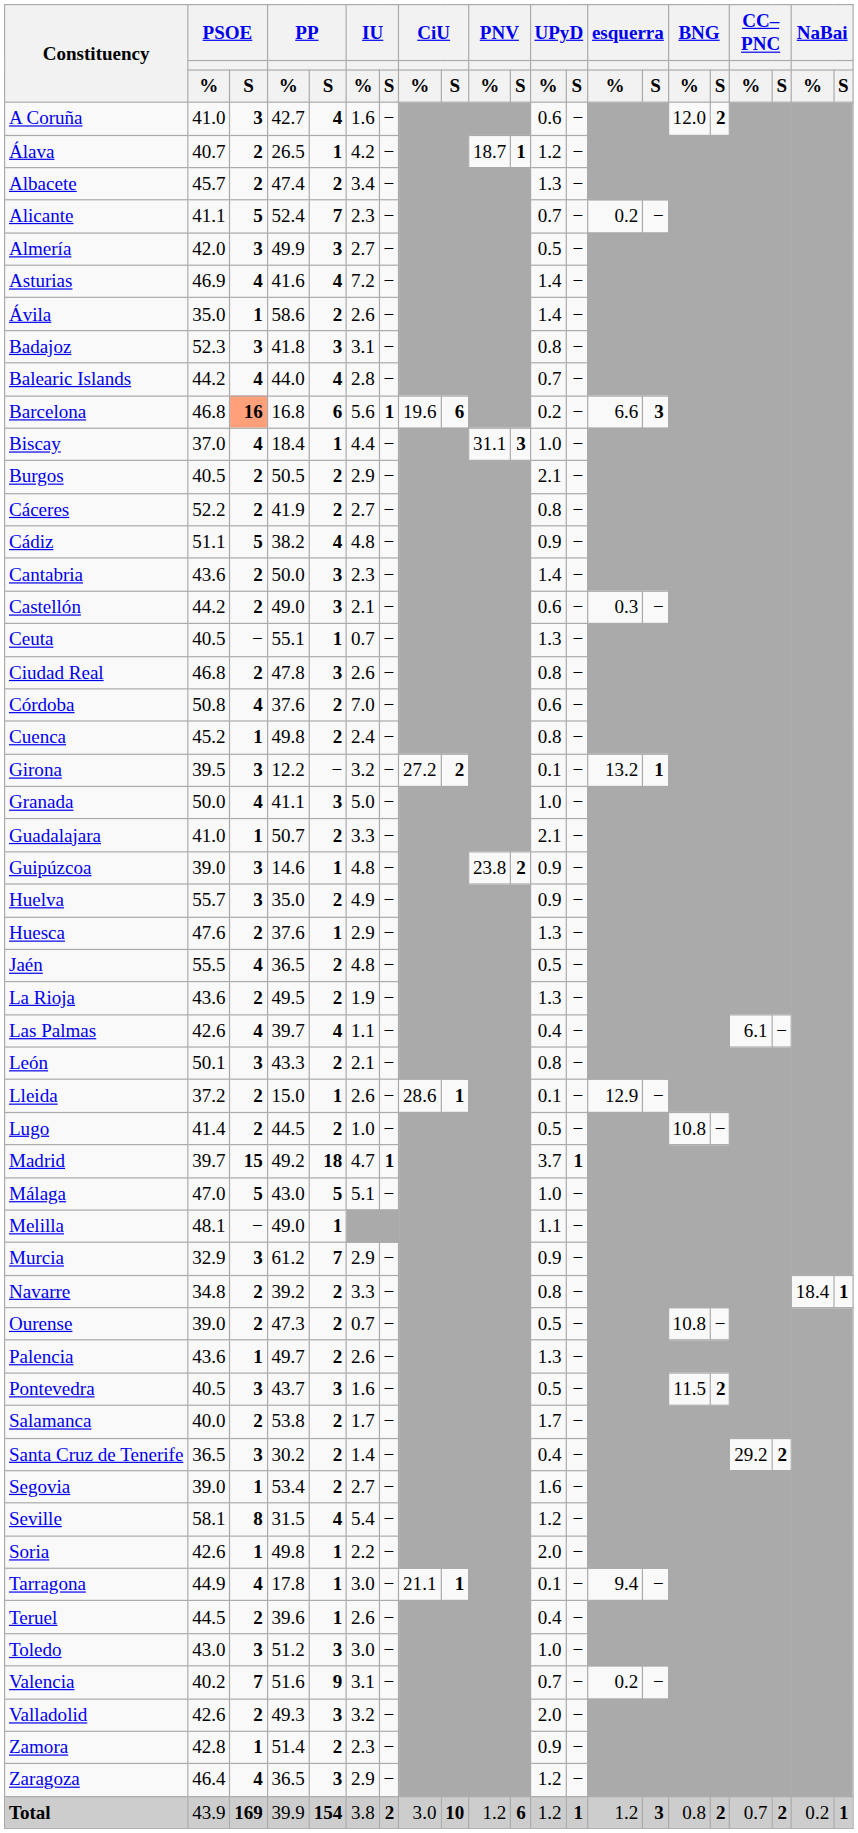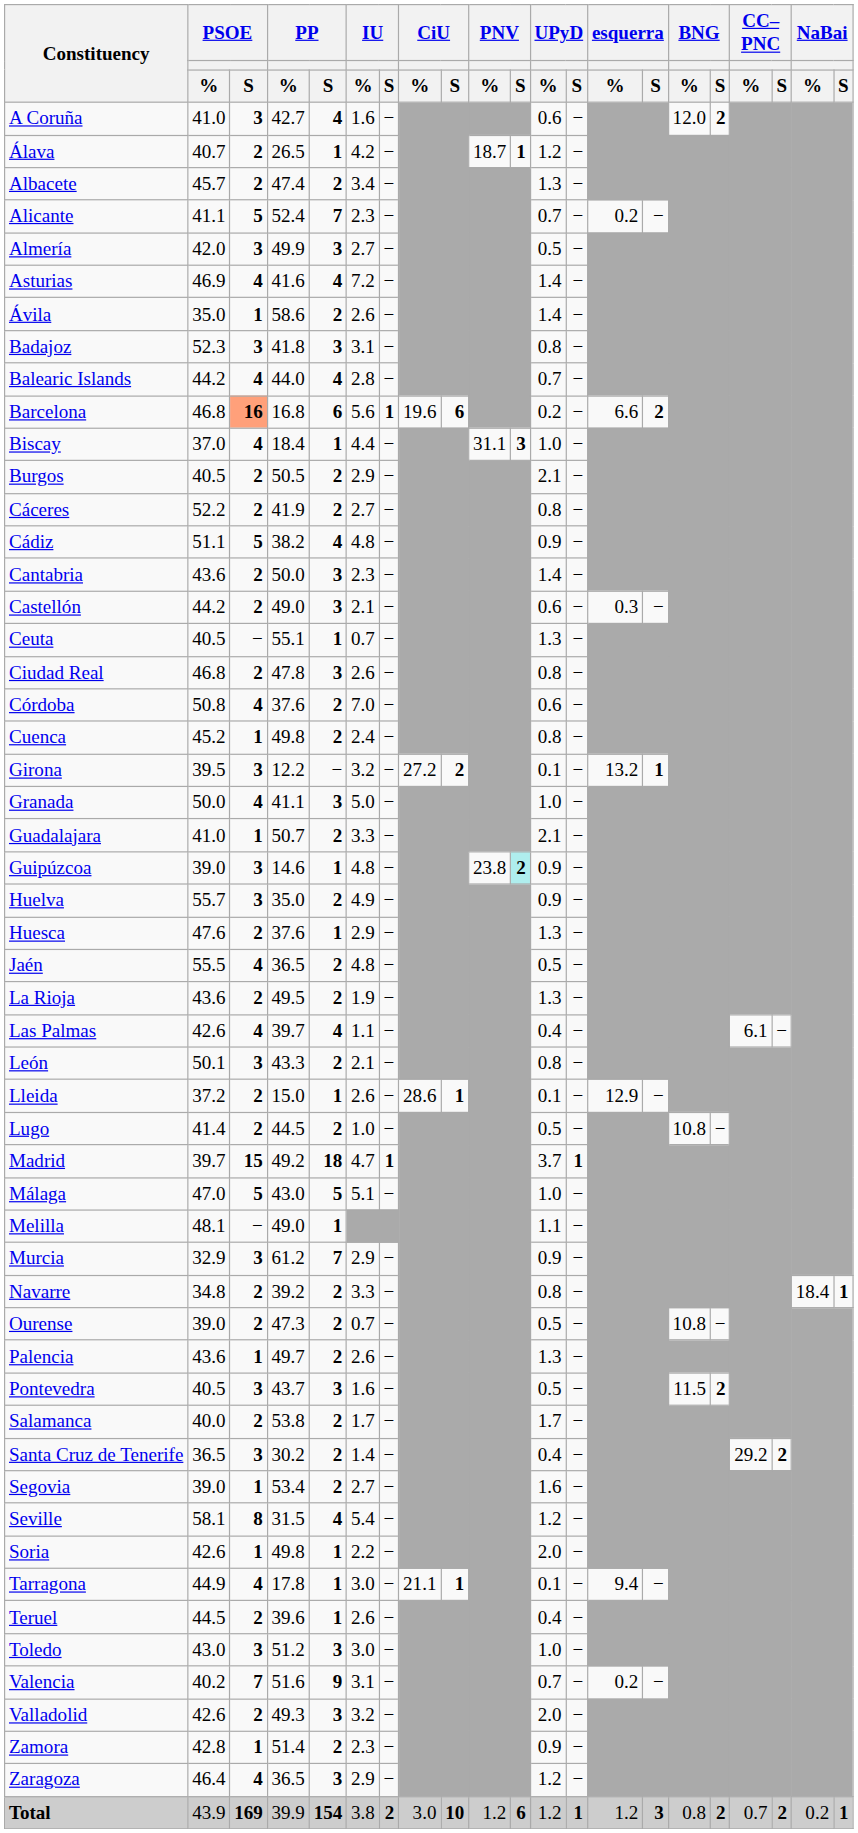 <table class="wikitable sortable" style="text-align:right; line-height:20px;">
 <tr>
 <th rowspan="3">Constituency</th>
 <th colspan="2" width="30px" class="unsortable"><a href='#'>PSOE</a></th>
 <th colspan="2" width="30px" class="unsortable"><a href='#'>PP</a></th>
 <th colspan="2" width="30px" class="unsortable"><a href='#'>IU</a></th>
 <th colspan="2" width="30px" class="unsortable"><a href='#'>CiU</a></th>
 <th colspan="2" width="30px" class="unsortable"><a href='#'>PNV</a></th>
 <th colspan="2" width="30px" class="unsortable"><a href='#'>UPyD</a></th>
 <th colspan="2" width="30px" class="unsortable"><a href='#'>esquerra</a></th>
 <th colspan="2" width="30px" class="unsortable"><a href='#'>BNG</a></th>
 <th colspan="2" width="30px" class="unsortable"><a href='#'>CC–PNC</a></th>
 <th colspan="2" width="30px" class="unsortable"><a href='#'>NaBai</a></th>
 </tr>
 <tr>
 <th colspan="2" style="background:"></th>
 <th colspan="2" style="background:"></th>
 <th colspan="2" style="background:"></th>
 <th colspan="2" style="background:"></th>
 <th colspan="2" style="background:"></th>
 <th colspan="2" style="background:"></th>
 <th colspan="2" style="background:"></th>
 <th colspan="2" style="background:"></th>
 <th colspan="2" style="background:"></th>
 <th colspan="2" style="background:"></th>
 </tr>
 <tr>
 <th data-sort-type="number">%</th>
 <th data-sort-type="number">S</th>
 <th data-sort-type="number">%</th>
 <th data-sort-type="number">S</th>
 <th data-sort-type="number">%</th>
 <th data-sort-type="number">S</th>
 <th data-sort-type="number">%</th>
 <th data-sort-type="number">S</th>
 <th data-sort-type="number">%</th>
 <th data-sort-type="number">S</th>
 <th data-sort-type="number">%</th>
 <th data-sort-type="number">S</th>
 <th data-sort-type="number">%</th>
 <th data-sort-type="number">S</th>
 <th data-sort-type="number">%</th>
 <th data-sort-type="number">S</th>
 <th data-sort-type="number">%</th>
 <th data-sort-type="number">S</th>
 <th data-sort-type="number">%</th>
 <th data-sort-type="number">S</th>
 </tr>
 <tr>
 <td align="left"><a href='#'>A Coruña</a></td>
 <td>41.0</td>
 <td><strong>3</strong></td>
 <td style="background:">42.7</td>
 <td><strong>4</strong></td>
 <td>1.6</td>
 <td>−</td>
 <td colspan="2" rowspan="9" bgcolor="#AAAAAA"></td>
 <td colspan="2" bgcolor="#AAAAAA"></td>
 <td>0.6</td>
 <td>−</td>
 <td colspan="2" rowspan="3" bgcolor="#AAAAAA"></td>
 <td>12.0</td>
 <td><strong>2</strong></td>
 <td colspan="2" rowspan="28" bgcolor="#AAAAAA"></td>
 <td colspan="2" rowspan="36" bgcolor="#AAAAAA"></td>
 </tr>
 <tr>
 <td align="left"><a href='#'>Álava</a></td>
 <td style="background:">40.7</td>
 <td><strong>2</strong></td>
 <td>26.5</td>
 <td><strong>1</strong></td>
 <td>4.2</td>
 <td>−</td>
 <td>18.7</td>
 <td><strong>1</strong></td>
 <td>1.2</td>
 <td>−</td>
 <td colspan="2" rowspan="30" bgcolor="#AAAAAA"></td>
 </tr>
 <tr>
 <td align="left"><a href='#'>Albacete</a></td>
 <td>45.7</td>
 <td><strong>2</strong></td>
 <td style="background:">47.4</td>
 <td><strong>2</strong></td>
 <td>3.4</td>
 <td>−</td>
 <td colspan="2" rowspan="8" bgcolor="#AAAAAA"></td>
 <td>1.3</td>
 <td>−</td>
 </tr>
 <tr>
 <td align="left"><a href='#'>Alicante</a></td>
 <td>41.1</td>
 <td><strong>5</strong></td>
 <td style="background:">52.4</td>
 <td><strong>7</strong></td>
 <td>2.3</td>
 <td>−</td>
 <td>0.7</td>
 <td>−</td>
 <td>0.2</td>
 <td>−</td>
 </tr>
 <tr>
 <td align="left"><a href='#'>Almería</a></td>
 <td>42.0</td>
 <td><strong>3</strong></td>
 <td style="background:">49.9</td>
 <td><strong>3</strong></td>
 <td>2.7</td>
 <td>−</td>
 <td>0.5</td>
 <td>−</td>
 <td colspan="2" rowspan="5" bgcolor="#AAAAAA"></td>
 </tr>
 <tr>
 <td align="left"><a href='#'>Asturias</a></td>
 <td style="background:">46.9</td>
 <td><strong>4</strong></td>
 <td>41.6</td>
 <td><strong>4</strong></td>
 <td>7.2</td>
 <td>−</td>
 <td>1.4</td>
 <td>−</td>
 </tr>
 <tr>
 <td align="left"><a href='#'>Ávila</a></td>
 <td>35.0</td>
 <td><strong>1</strong></td>
 <td style="background:">58.6</td>
 <td><strong>2</strong></td>
 <td>2.6</td>
 <td>−</td>
 <td>1.4</td>
 <td>−</td>
 </tr>
 <tr>
 <td align="left"><a href='#'>Badajoz</a></td>
 <td style="background:">52.3</td>
 <td><strong>3</strong></td>
 <td>41.8</td>
 <td><strong>3</strong></td>
 <td>3.1</td>
 <td>−</td>
 <td>0.8</td>
 <td>−</td>
 </tr>
 <tr>
 <td align="left"><a href='#'>Balearic Islands</a></td>
 <td style="background:">44.2</td>
 <td><strong>4</strong></td>
 <td>44.0</td>
 <td><strong>4</strong></td>
 <td>2.8</td>
 <td>−</td>
 <td>0.7</td>
 <td>−</td>
 </tr>
 <tr>
 <td align="left"><a href='#'>Barcelona</a></td>
 <td style="background:">46.8</td>
 <td style="background: lightsalmon;"><strong>16</strong></td>
 <td>16.8</td>
 <td><strong>6</strong></td>
 <td>5.6</td>
 <td><strong>1</strong></td>
 <td>19.6</td>
 <td><strong>6</strong></td>
 <td>0.2</td>
 <td>−</td>
 <td>6.6</td>
-<td><strong>3</strong></td>
+<td><strong>2</strong></td>
 </tr>
 <tr>
 <td align="left"><a href='#'>Biscay</a></td>
 <td style="background:">37.0</td>
 <td><strong>4</strong></td>
 <td>18.4</td>
 <td><strong>1</strong></td>
 <td>4.4</td>
 <td>−</td>
 <td colspan="2" rowspan="10" bgcolor="#AAAAAA"></td>
 <td>31.1</td>
 <td><strong>3</strong></td>
 <td>1.0</td>
 <td>−</td>
 <td colspan="2" rowspan="5" bgcolor="#AAAAAA"></td>
 </tr>
 <tr>
 <td align="left"><a href='#'>Burgos</a></td>
 <td>40.5</td>
 <td><strong>2</strong></td>
 <td style="background:">50.5</td>
 <td><strong>2</strong></td>
 <td>2.9</td>
 <td>−</td>
 <td colspan="2" rowspan="12" bgcolor="#AAAAAA"></td>
 <td>2.1</td>
 <td>−</td>
 </tr>
 <tr>
 <td align="left"><a href='#'>Cáceres</a></td>
 <td style="background:">52.2</td>
 <td><strong>2</strong></td>
 <td>41.9</td>
 <td><strong>2</strong></td>
 <td>2.7</td>
 <td>−</td>
 <td>0.8</td>
 <td>−</td>
 </tr>
 <tr>
 <td align="left"><a href='#'>Cádiz</a></td>
 <td style="background:">51.1</td>
 <td><strong>5</strong></td>
 <td>38.2</td>
 <td><strong>4</strong></td>
 <td>4.8</td>
 <td>−</td>
 <td>0.9</td>
 <td>−</td>
 </tr>
 <tr>
 <td align="left"><a href='#'>Cantabria</a></td>
 <td>43.6</td>
 <td><strong>2</strong></td>
 <td style="background:">50.0</td>
 <td><strong>3</strong></td>
 <td>2.3</td>
 <td>−</td>
 <td>1.4</td>
 <td>−</td>
 </tr>
 <tr>
 <td align="left"><a href='#'>Castellón</a></td>
 <td>44.2</td>
 <td><strong>2</strong></td>
 <td style="background:">49.0</td>
 <td><strong>3</strong></td>
 <td>2.1</td>
 <td>−</td>
 <td>0.6</td>
 <td>−</td>
 <td>0.3</td>
 <td>−</td>
 </tr>
 <tr>
 <td align="left"><a href='#'>Ceuta</a></td>
 <td>40.5</td>
 <td>−</td>
 <td style="background:">55.1</td>
 <td><strong>1</strong></td>
 <td>0.7</td>
 <td>−</td>
 <td>1.3</td>
 <td>−</td>
 <td colspan="2" rowspan="4" bgcolor="#AAAAAA"></td>
 </tr>
 <tr>
 <td align="left"><a href='#'>Ciudad Real</a></td>
 <td>46.8</td>
 <td><strong>2</strong></td>
 <td style="background:">47.8</td>
 <td><strong>3</strong></td>
 <td>2.6</td>
 <td>−</td>
 <td>0.8</td>
 <td>−</td>
 </tr>
 <tr>
 <td align="left"><a href='#'>Córdoba</a></td>
 <td style="background:">50.8</td>
 <td><strong>4</strong></td>
 <td>37.6</td>
 <td><strong>2</strong></td>
 <td>7.0</td>
 <td>−</td>
 <td>0.6</td>
 <td>−</td>
 </tr>
 <tr>
 <td align="left"><a href='#'>Cuenca</a></td>
 <td>45.2</td>
 <td><strong>1</strong></td>
 <td style="background:">49.8</td>
 <td><strong>2</strong></td>
 <td>2.4</td>
 <td>−</td>
 <td>0.8</td>
 <td>−</td>
 </tr>
 <tr>
 <td align="left"><a href='#'>Girona</a></td>
 <td style="background:">39.5</td>
 <td><strong>3</strong></td>
 <td>12.2</td>
 <td>−</td>
 <td>3.2</td>
 <td>−</td>
 <td>27.2</td>
 <td><strong>2</strong></td>
 <td>0.1</td>
 <td>−</td>
 <td>13.2</td>
 <td><strong>1</strong></td>
 </tr>
 <tr>
 <td align="left"><a href='#'>Granada</a></td>
 <td style="background:">50.0</td>
 <td><strong>4</strong></td>
 <td>41.1</td>
 <td><strong>3</strong></td>
 <td>5.0</td>
 <td>−</td>
 <td colspan="2" rowspan="9" bgcolor="#AAAAAA"></td>
 <td>1.0</td>
 <td>−</td>
 <td colspan="2" rowspan="9" bgcolor="#AAAAAA"></td>
 </tr>
 <tr>
 <td align="left"><a href='#'>Guadalajara</a></td>
 <td>41.0</td>
 <td><strong>1</strong></td>
 <td style="background:">50.7</td>
 <td><strong>2</strong></td>
 <td>3.3</td>
 <td>−</td>
 <td>2.1</td>
 <td>−</td>
 </tr>
 <tr>
 <td align="left"><a href='#'>Guipúzcoa</a></td>
 <td style="background:">39.0</td>
 <td><strong>3</strong></td>
 <td>14.6</td>
 <td><strong>1</strong></td>
 <td>4.8</td>
 <td>−</td>
 <td>23.8</td>
-<td><strong>2</strong></td>
+<td style="background: paleturquoise;"><strong>2</strong></td>
 <td>0.9</td>
 <td>−</td>
 </tr>
 <tr>
 <td align="left"><a href='#'>Huelva</a></td>
 <td style="background:">55.7</td>
 <td><strong>3</strong></td>
 <td>35.0</td>
 <td><strong>2</strong></td>
 <td>4.9</td>
 <td>−</td>
 <td colspan="2" rowspan="28" bgcolor="#AAAAAA"></td>
 <td>0.9</td>
 <td>−</td>
 </tr>
 <tr>
 <td align="left"><a href='#'>Huesca</a></td>
 <td style="background:">47.6</td>
 <td><strong>2</strong></td>
 <td>37.6</td>
 <td><strong>1</strong></td>
 <td>2.9</td>
 <td>−</td>
 <td>1.3</td>
 <td>−</td>
 </tr>
 <tr>
 <td align="left"><a href='#'>Jaén</a></td>
 <td style="background:">55.5</td>
 <td><strong>4</strong></td>
 <td>36.5</td>
 <td><strong>2</strong></td>
 <td>4.8</td>
 <td>−</td>
 <td>0.5</td>
 <td>−</td>
 </tr>
 <tr>
 <td align="left"><a href='#'>La Rioja</a></td>
 <td>43.6</td>
 <td><strong>2</strong></td>
 <td style="background:">49.5</td>
 <td><strong>2</strong></td>
 <td>1.9</td>
 <td>−</td>
 <td>1.3</td>
 <td>−</td>
 </tr>
 <tr>
 <td align="left"><a href='#'>Las Palmas</a></td>
 <td style="background:">42.6</td>
 <td><strong>4</strong></td>
 <td>39.7</td>
 <td><strong>4</strong></td>
 <td>1.1</td>
 <td>−</td>
 <td>0.4</td>
 <td>−</td>
 <td>6.1</td>
 <td>−</td>
 </tr>
 <tr>
 <td align="left"><a href='#'>León</a></td>
 <td style="background:">50.1</td>
 <td><strong>3</strong></td>
 <td>43.3</td>
 <td><strong>2</strong></td>
 <td>2.1</td>
 <td>−</td>
 <td>0.8</td>
 <td>−</td>
 <td colspan="2" rowspan="12" bgcolor="#AAAAAA"></td>
 </tr>
 <tr>
 <td align="left"><a href='#'>Lleida</a></td>
 <td style="background:">37.2</td>
 <td><strong>2</strong></td>
 <td>15.0</td>
 <td><strong>1</strong></td>
 <td>2.6</td>
 <td>−</td>
 <td>28.6</td>
 <td><strong>1</strong></td>
 <td>0.1</td>
 <td>−</td>
 <td>12.9</td>
 <td>−</td>
 </tr>
 <tr>
 <td align="left"><a href='#'>Lugo</a></td>
 <td>41.4</td>
 <td><strong>2</strong></td>
 <td style="background:">44.5</td>
 <td><strong>2</strong></td>
 <td>1.0</td>
 <td>−</td>
 <td colspan="2" rowspan="14" bgcolor="#AAAAAA"></td>
 <td>0.5</td>
 <td>−</td>
 <td colspan="2" rowspan="14" bgcolor="#AAAAAA"></td>
 <td>10.8</td>
 <td>−</td>
 </tr>
 <tr>
 <td align="left"><a href='#'>Madrid</a></td>
 <td>39.7</td>
 <td><strong>15</strong></td>
 <td style="background:">49.2</td>
 <td><strong>18</strong></td>
 <td>4.7</td>
 <td><strong>1</strong></td>
 <td>3.7</td>
 <td><strong>1</strong></td>
 <td colspan="2" rowspan="5" bgcolor="#AAAAAA"></td>
 </tr>
 <tr>
 <td align="left"><a href='#'>Málaga</a></td>
 <td style="background:">47.0</td>
 <td><strong>5</strong></td>
 <td>43.0</td>
 <td><strong>5</strong></td>
 <td>5.1</td>
 <td>−</td>
 <td>1.0</td>
 <td>−</td>
 </tr>
 <tr>
 <td align="left"><a href='#'>Melilla</a></td>
 <td>48.1</td>
 <td>−</td>
 <td style="background:">49.0</td>
 <td><strong>1</strong></td>
 <td colspan="2" bgcolor="#AAAAAA"></td>
 <td>1.1</td>
 <td>−</td>
 </tr>
 <tr>
 <td align="left"><a href='#'>Murcia</a></td>
 <td>32.9</td>
 <td><strong>3</strong></td>
 <td style="background:">61.2</td>
 <td><strong>7</strong></td>
 <td>2.9</td>
 <td>−</td>
 <td>0.9</td>
 <td>−</td>
 </tr>
 <tr>
 <td align="left"><a href='#'>Navarre</a></td>
 <td>34.8</td>
 <td><strong>2</strong></td>
 <td style="background:">39.2</td>
 <td><strong>2</strong></td>
 <td>3.3</td>
 <td>−</td>
 <td>0.8</td>
 <td>−</td>
 <td>18.4</td>
 <td><strong>1</strong></td>
 </tr>
 <tr>
 <td align="left"><a href='#'>Ourense</a></td>
 <td>39.0</td>
 <td><strong>2</strong></td>
 <td style="background:">47.3</td>
 <td><strong>2</strong></td>
 <td>0.7</td>
 <td>−</td>
 <td>0.5</td>
 <td>−</td>
 <td>10.8</td>
 <td>−</td>
 <td colspan="2" rowspan="15" bgcolor="#AAAAAA"></td>
 </tr>
 <tr>
 <td align="left"><a href='#'>Palencia</a></td>
 <td>43.6</td>
 <td><strong>1</strong></td>
 <td style="background:">49.7</td>
 <td><strong>2</strong></td>
 <td>2.6</td>
 <td>−</td>
 <td>1.3</td>
 <td>−</td>
 <td colspan="2" bgcolor="#AAAAAA"></td>
 </tr>
 <tr>
 <td align="left"><a href='#'>Pontevedra</a></td>
 <td>40.5</td>
 <td><strong>3</strong></td>
 <td style="background:">43.7</td>
 <td><strong>3</strong></td>
 <td>1.6</td>
 <td>−</td>
 <td>0.5</td>
 <td>−</td>
 <td>11.5</td>
 <td><strong>2</strong></td>
 </tr>
 <tr>
 <td align="left"><a href='#'>Salamanca</a></td>
 <td>40.0</td>
 <td><strong>2</strong></td>
 <td style="background:">53.8</td>
 <td><strong>2</strong></td>
 <td>1.7</td>
 <td>−</td>
 <td>1.7</td>
 <td>−</td>
 <td colspan="2" rowspan="12" bgcolor="#AAAAAA"></td>
 </tr>
 <tr>
 <td align="left"><a href='#'>Santa Cruz de Tenerife</a></td>
 <td style="background:">36.5</td>
 <td><strong>3</strong></td>
 <td>30.2</td>
 <td><strong>2</strong></td>
 <td>1.4</td>
 <td>−</td>
 <td>0.4</td>
 <td>−</td>
 <td>29.2</td>
 <td><strong>2</strong></td>
 </tr>
 <tr>
 <td align="left"><a href='#'>Segovia</a></td>
 <td>39.0</td>
 <td><strong>1</strong></td>
 <td style="background:">53.4</td>
 <td><strong>2</strong></td>
 <td>2.7</td>
 <td>−</td>
 <td>1.6</td>
 <td>−</td>
 <td colspan="2" rowspan="10" bgcolor="#AAAAAA"></td>
 </tr>
 <tr>
 <td align="left"><a href='#'>Seville</a></td>
 <td style="background:">58.1</td>
 <td><strong>8</strong></td>
 <td>31.5</td>
 <td><strong>4</strong></td>
 <td>5.4</td>
 <td>−</td>
 <td>1.2</td>
 <td>−</td>
 </tr>
 <tr>
 <td align="left"><a href='#'>Soria</a></td>
 <td>42.6</td>
 <td><strong>1</strong></td>
 <td style="background:">49.8</td>
 <td><strong>1</strong></td>
 <td>2.2</td>
 <td>−</td>
 <td>2.0</td>
 <td>−</td>
 </tr>
 <tr>
 <td align="left"><a href='#'>Tarragona</a></td>
 <td style="background:">44.9</td>
 <td><strong>4</strong></td>
 <td>17.8</td>
 <td><strong>1</strong></td>
 <td>3.0</td>
 <td>−</td>
 <td>21.1</td>
 <td><strong>1</strong></td>
 <td>0.1</td>
 <td>−</td>
 <td>9.4</td>
 <td>−</td>
 </tr>
 <tr>
 <td align="left"><a href='#'>Teruel</a></td>
 <td style="background:">44.5</td>
 <td><strong>2</strong></td>
 <td>39.6</td>
 <td><strong>1</strong></td>
 <td>2.6</td>
 <td>−</td>
 <td colspan="2" rowspan="6" bgcolor="#AAAAAA"></td>
 <td>0.4</td>
 <td>−</td>
 <td colspan="2" rowspan="2" bgcolor="#AAAAAA"></td>
 </tr>
 <tr>
 <td align="left"><a href='#'>Toledo</a></td>
 <td>43.0</td>
 <td><strong>3</strong></td>
 <td style="background:">51.2</td>
 <td><strong>3</strong></td>
 <td>3.0</td>
 <td>−</td>
 <td>1.0</td>
 <td>−</td>
 </tr>
 <tr>
 <td align="left"><a href='#'>Valencia</a></td>
 <td>40.2</td>
 <td><strong>7</strong></td>
 <td style="background:">51.6</td>
 <td><strong>9</strong></td>
 <td>3.1</td>
 <td>−</td>
 <td>0.7</td>
 <td>−</td>
 <td>0.2</td>
 <td>−</td>
 </tr>
 <tr>
 <td align="left"><a href='#'>Valladolid</a></td>
 <td>42.6</td>
 <td><strong>2</strong></td>
 <td style="background:">49.3</td>
 <td><strong>3</strong></td>
 <td>3.2</td>
 <td>−</td>
 <td>2.0</td>
 <td>−</td>
 <td colspan="2" rowspan="3" bgcolor="#AAAAAA"></td>
 </tr>
 <tr>
 <td align="left"><a href='#'>Zamora</a></td>
 <td>42.8</td>
 <td><strong>1</strong></td>
 <td style="background:">51.4</td>
 <td><strong>2</strong></td>
 <td>2.3</td>
 <td>−</td>
 <td>0.9</td>
 <td>−</td>
 </tr>
 <tr>
 <td align="left"><a href='#'>Zaragoza</a></td>
 <td style="background:">46.4</td>
 <td><strong>4</strong></td>
 <td>36.5</td>
 <td><strong>3</strong></td>
 <td>2.9</td>
 <td>−</td>
 <td>1.2</td>
 <td>−</td>
 </tr>
 <tr style="background:#CDCDCD;">
 <td align="left"><strong>Total</strong></td>
 <td style="background:">43.9</td>
 <td><strong>169</strong></td>
 <td>39.9</td>
 <td><strong>154</strong></td>
 <td>3.8</td>
 <td><strong>2</strong></td>
 <td>3.0</td>
 <td><strong>10</strong></td>
 <td>1.2</td>
 <td><strong>6</strong></td>
 <td>1.2</td>
 <td><strong>1</strong></td>
 <td>1.2</td>
 <td><strong>3</strong></td>
 <td>0.8</td>
 <td><strong>2</strong></td>
 <td>0.7</td>
 <td><strong>2</strong></td>
 <td>0.2</td>
 <td><strong>1</strong></td>
 </tr>
 </table>
